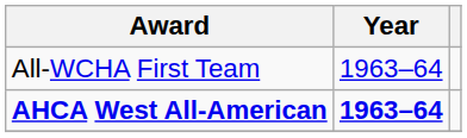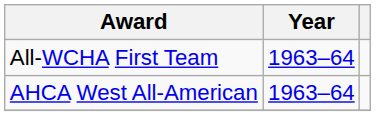 <table class="wikitable">
 <tr>
 <th>Award</th>
 <th>Year</th>
 <th></th>
 </tr>
 <tr>
 <td>All-<a href='#'>WCHA</a> <a href='#'>First Team</a></td>
 <td><a href='#'>1963–64</a></td>
 <td></td>
 </tr>
 <tr>
-<td><strong><a href='#'>AHCA</a> <a href='#'>West All-American</a></strong></td>
-<td><strong><a href='#'>1963–64</a></strong></td>
+<td><a href='#'>AHCA</a> <a href='#'>West All-American</a></td>
+<td><a href='#'>1963–64</a></td>
 <td></td>
 </tr>
 <tr>
 </tr>
 </table>
